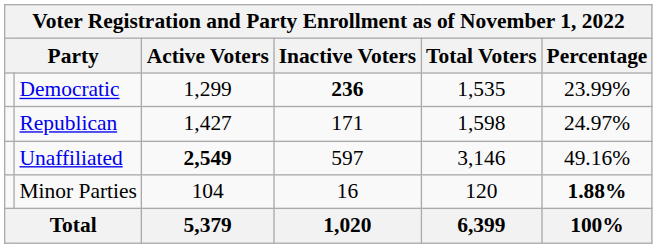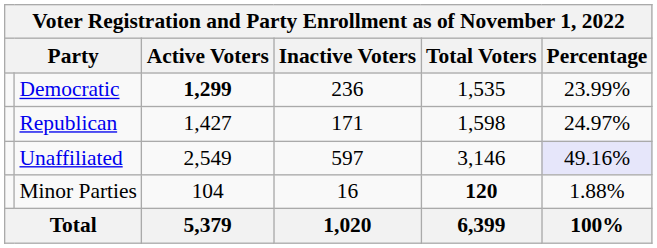 <table class=wikitable>
 <tr>
 <th colspan = 6>Voter Registration and Party Enrollment as of November 1, 2022</th>
 </tr>
 <tr>
 <th colspan = 2>Party</th>
 <th>Active Voters</th>
 <th>Inactive Voters</th>
 <th>Total Voters</th>
 <th>Percentage</th>
 </tr>
 <tr>
 <td></td>
 <td><a href='#'>Democratic</a></td>
-<td align = center>1,299</td>
-<td align = center><strong>236</strong></td>
+<td align = center><strong>1,299</strong></td>
+<td align = center>236</td>
 <td align = center>1,535</td>
 <td align = center>23.99%</td>
 </tr>
 <tr>
 <td></td>
 <td><a href='#'>Republican</a></td>
 <td align = center>1,427</td>
 <td align = center>171</td>
 <td align = center>1,598</td>
 <td align = center>24.97%</td>
 </tr>
 <tr>
 <td></td>
 <td><a href='#'>Unaffiliated</a></td>
-<td align = center><strong>2,549</strong></td>
+<td align = center>2,549</td>
 <td align = center>597</td>
 <td align = center>3,146</td>
-<td align = center>49.16%</td>
+<td align = center style="background: lavender;">49.16%</td>
 </tr>
 <tr>
 <td></td>
 <td>Minor Parties</td>
 <td align = center>104</td>
 <td align = center>16</td>
-<td align = center>120</td>
-<td align = center><strong>1.88%</strong></td>
+<td align = center><strong>120</strong></td>
+<td align = center>1.88%</td>
 </tr>
 <tr>
 <th colspan = 2>Total</th>
 <th align = center>5,379</th>
 <th align = center>1,020</th>
 <th align = center>6,399</th>
 <th align = center>100%</th>
 </tr>
 </table>
